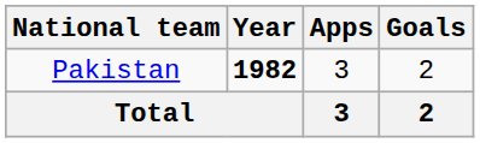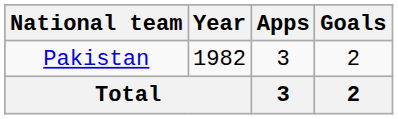 <table class="wikitable" style="text-align: center;">
 <tr>
 <th>National team</th>
 <th>Year</th>
 <th>Apps</th>
 <th>Goals</th>
 </tr>
 <tr>
 <td><a href='#'>Pakistan</a></td>
-<td><strong>1982</strong></td>
+<td>1982</td>
 <td>3</td>
 <td>2</td>
 </tr>
 <tr>
 <th colspan="2">Total</th>
 <th>3</th>
 <th>2</th>
 </tr>
 </table>
